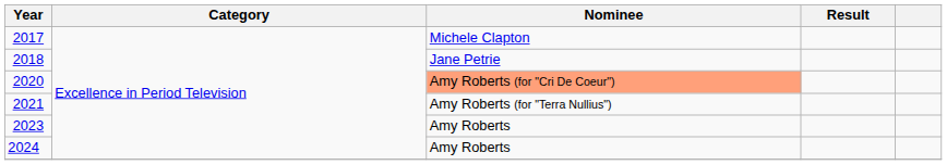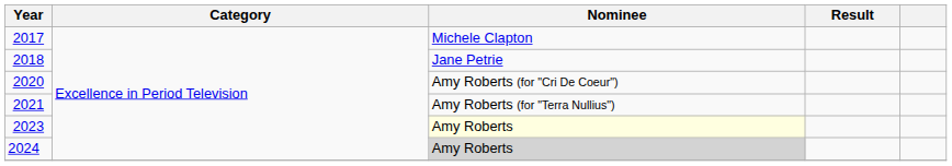 <table class="wikitable" style="width:85%;">
 <tr>
 <th width=5%>Year</th>
 <th style="width:40%;">Category</th>
 <th style="width:40%;">Nominee</th>
 <th style="width:10%;">Result</th>
 <th width=5%></th>
 </tr>
 <tr>
 <td style="text-align: center;"><a href='#'>2017</a></td>
 <td rowspan="6"><a href='#'>Excellence in Period Television</a></td>
 <td><a href='#'>Michele Clapton</a></td>
 <td></td>
 <td></td>
 </tr>
 <tr>
 <td style="text-align: center;"><a href='#'>2018</a></td>
 <td><a href='#'>Jane Petrie</a></td>
 <td></td>
 <td></td>
 </tr>
 <tr>
 <td style="text-align: center;"><a href='#'>2020</a></td>
-<td style="background: lightsalmon;">Amy Roberts <small>(for "Cri De Coeur")</small></td>
+<td>Amy Roberts <small>(for "Cri De Coeur")</small></td>
 <td></td>
 <td></td>
 </tr>
 <tr>
 <td style="text-align: center;"><a href='#'>2021</a></td>
 <td>Amy Roberts <small>(for "Terra Nullius")</small></td>
 <td></td>
 <td></td>
 </tr>
 <tr>
 <td align="center"><a href='#'>2023</a></td>
-<td>Amy Roberts </td>
+<td style="background: lightyellow;">Amy Roberts </td>
 <td></td>
 <td></td>
 </tr>
 <tr>
 <td><a href='#'>2024</a></td>
-<td>Amy Roberts </td>
+<td style="background: lightgrey;">Amy Roberts </td>
 <td></td>
 <td align="center"></td>
 </tr>
 <tr>
 </tr>
 </table>
